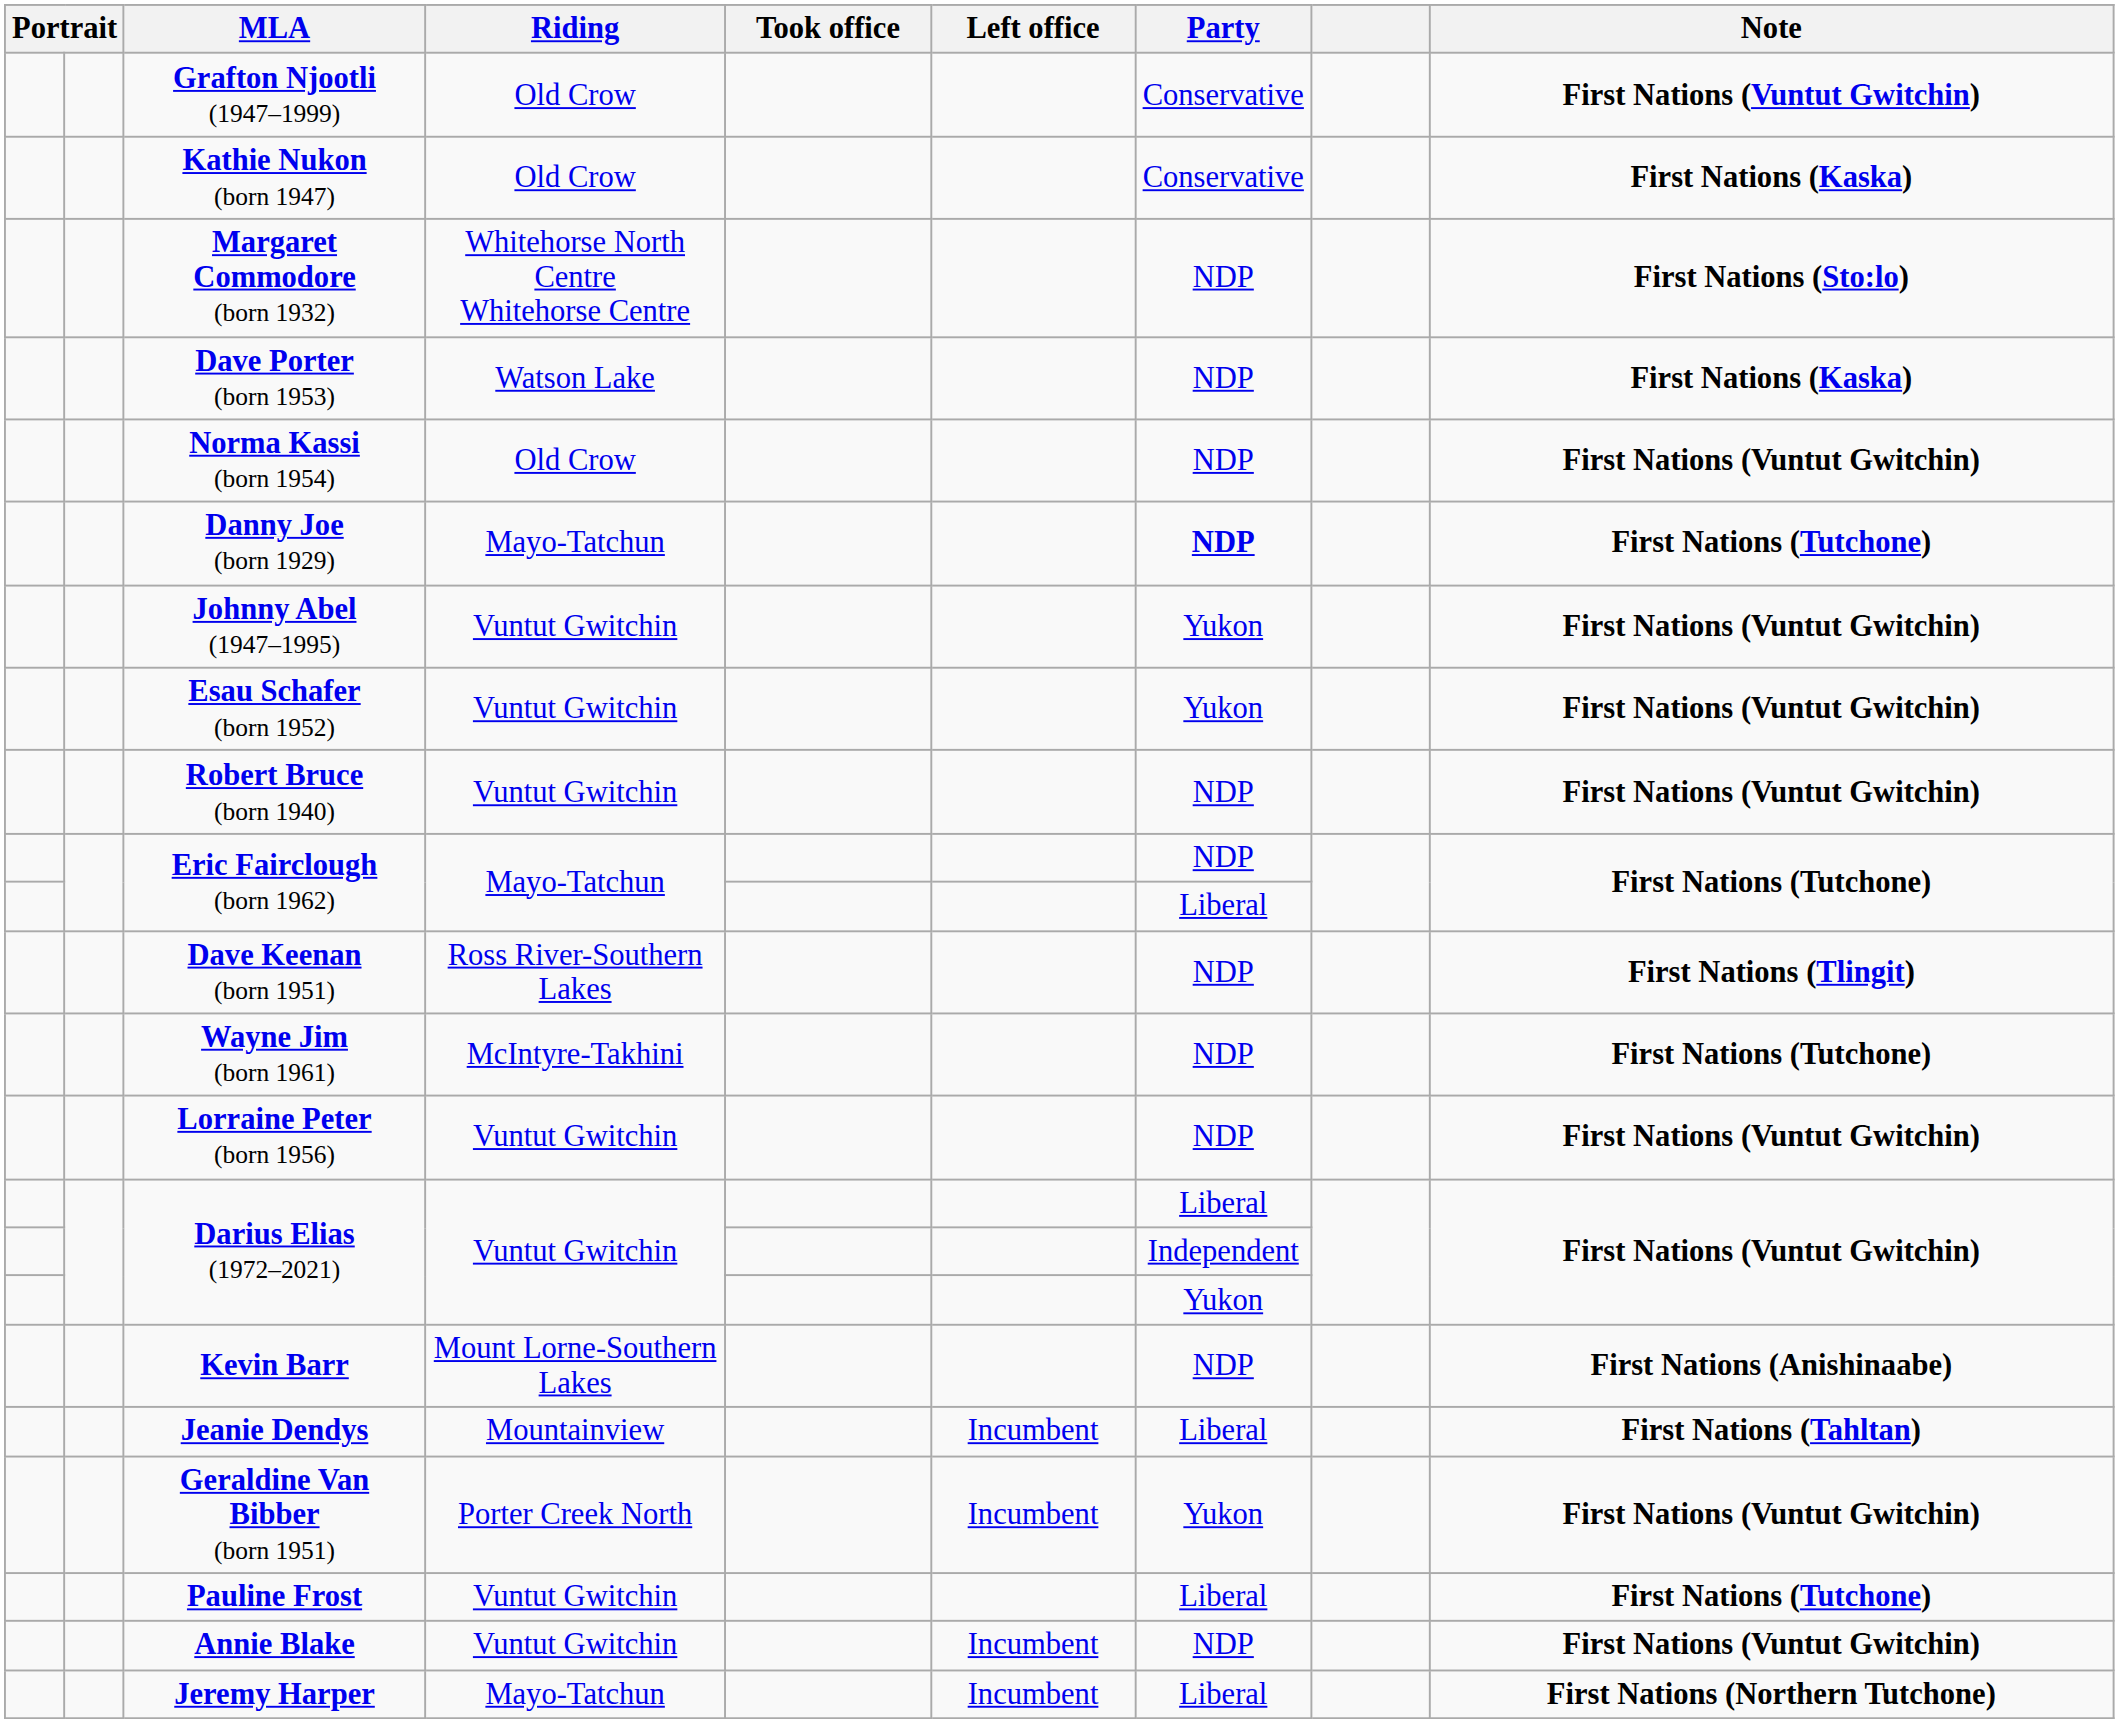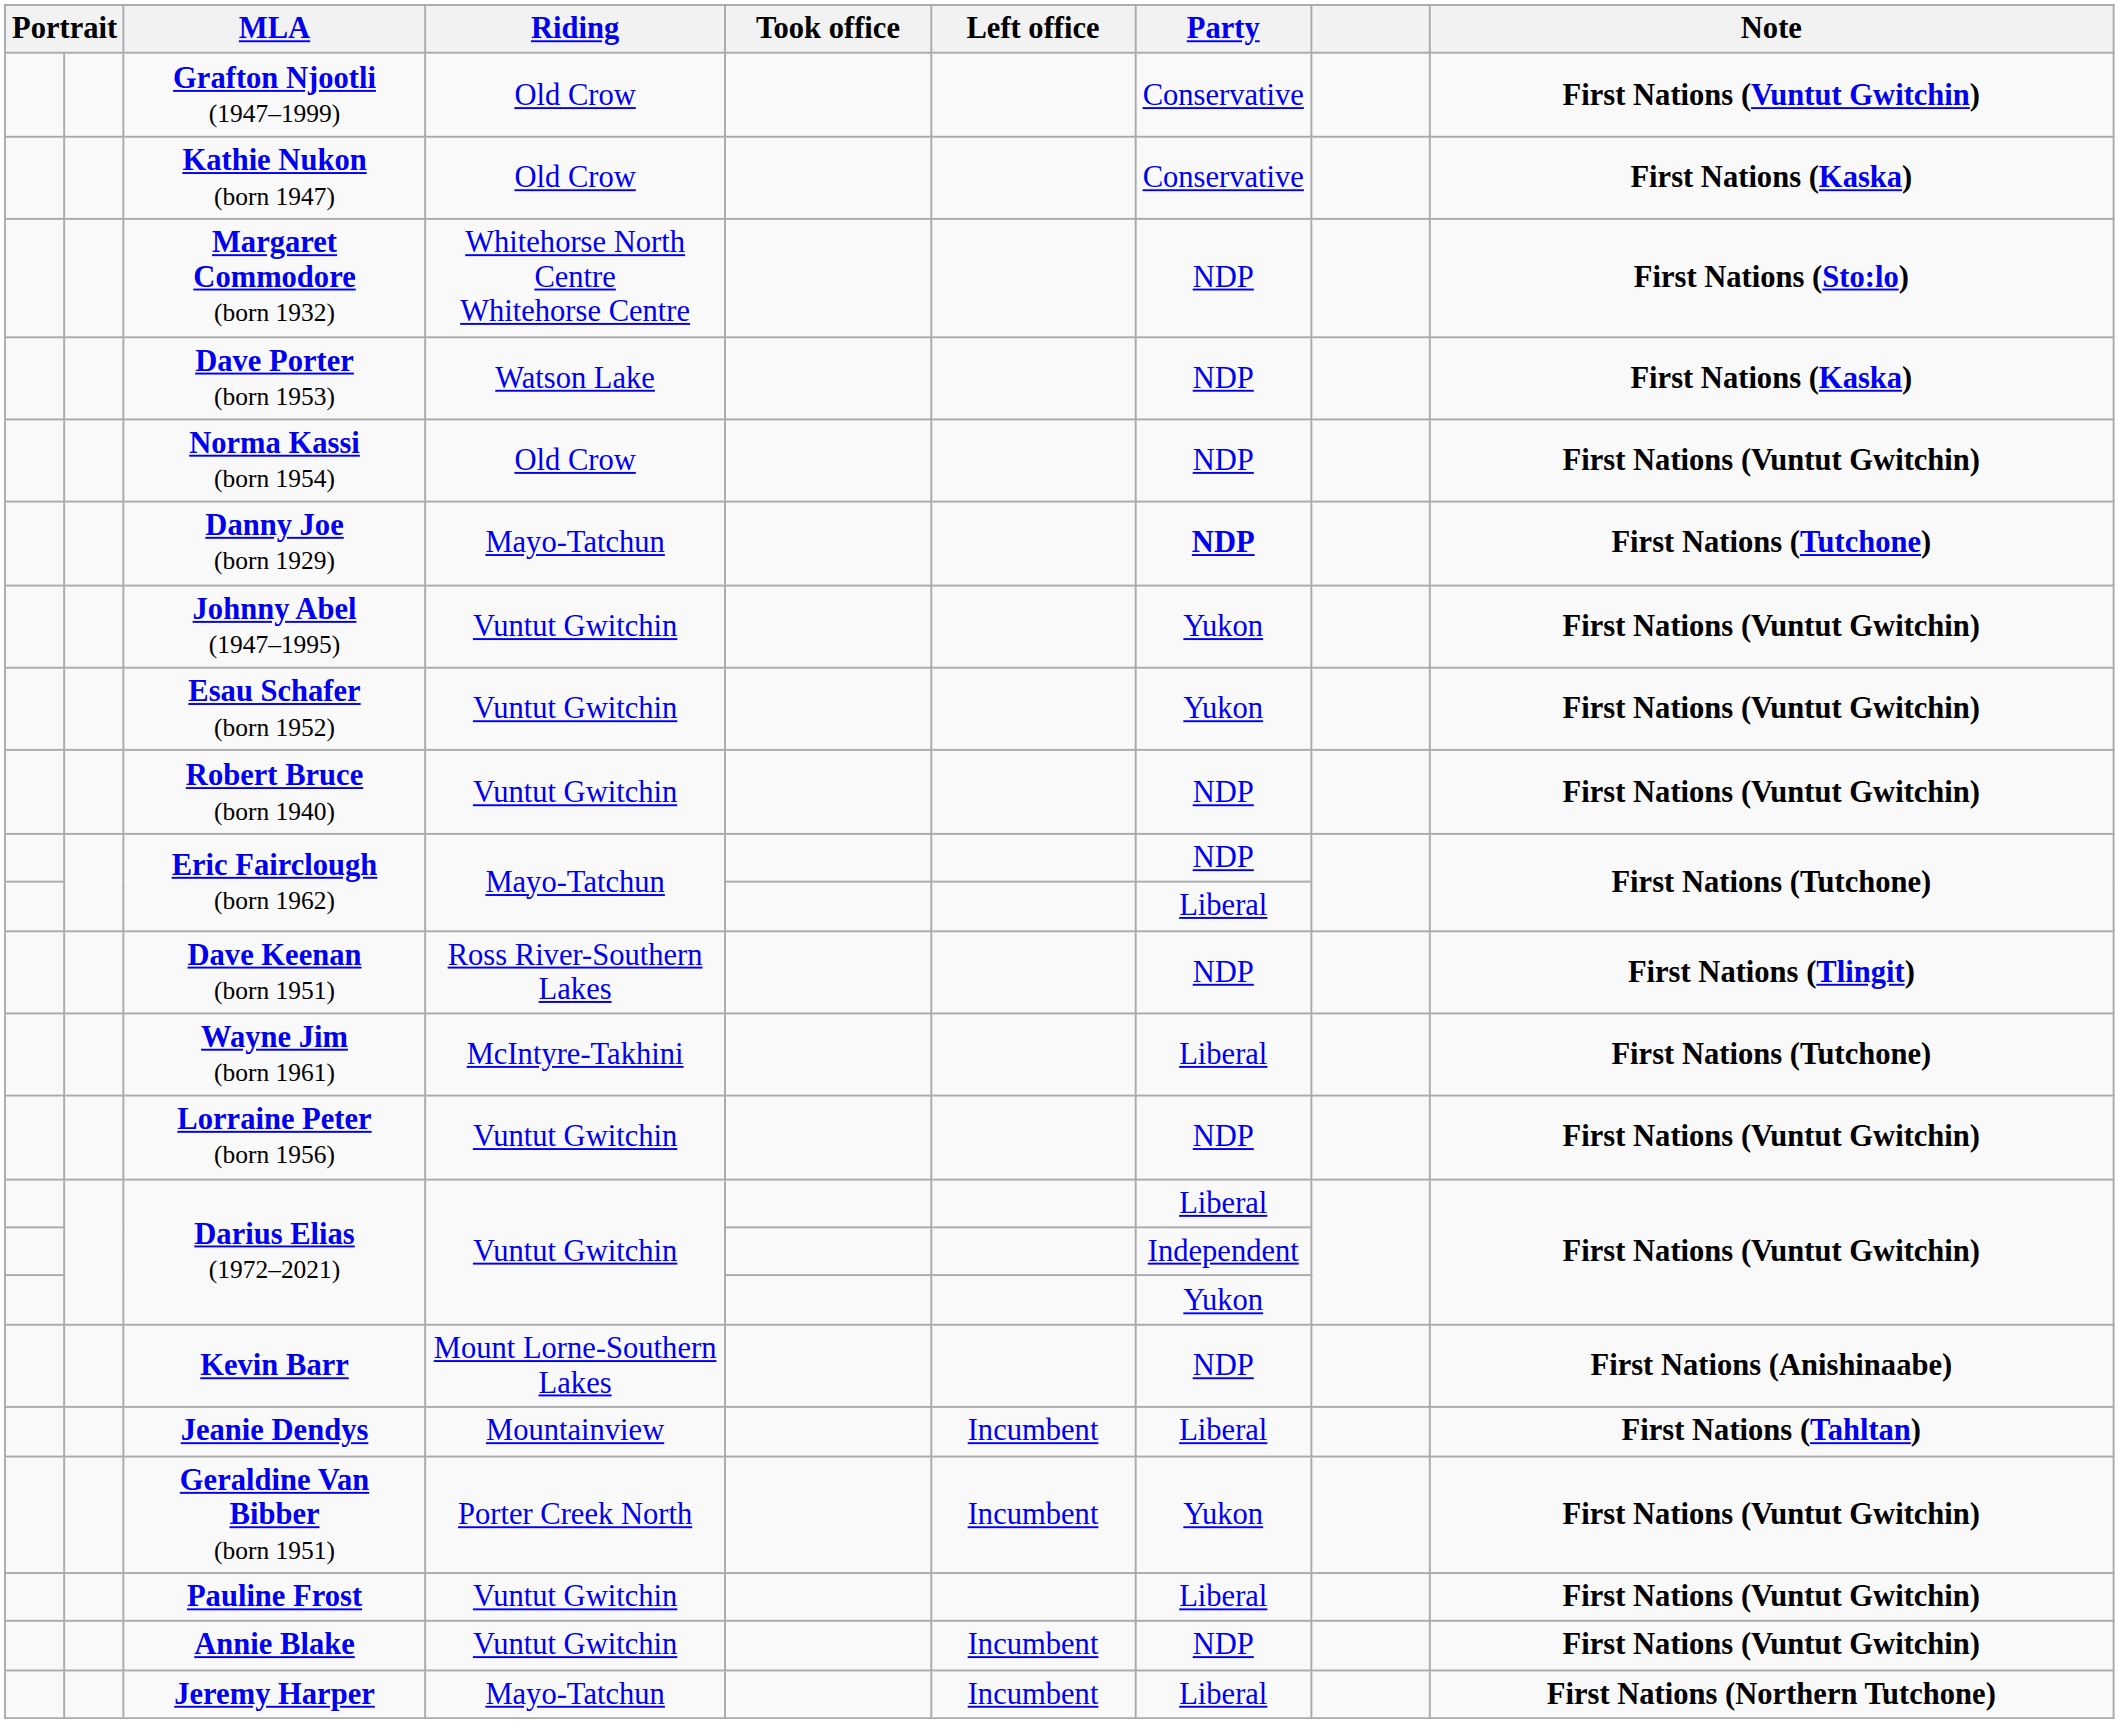 <table class="wikitable sortable plainrowheaders" style="text-align: center;">
 <tr>
 <th colspan="2" class=unsortable>Portrait</th>
 <th class="unsortable" style="width:150px;"><a href='#'>MLA</a></th>
 <th scope="col" style="width:150px;"><a href='#'>Riding</a></th>
 <th scope="col" style="width:100px;">Took office</th>
 <th scope="col" style="width:100px;">Left office</th>
 <th scope="col" style="width:70px;"><a href='#'>Party</a></th>
 <th scope="col" class="unsortable" style="width:55px;"></th>
 <th scope="col" class="unsortable" style="width:350px;">Note</th>
 </tr>
 <tr>
 <td rowspan="1" style="background:"></td>
 <td></td>
 <td><strong><a href='#'>Grafton Njootli</a></strong><br><small>(1947–1999)</small></td>
 <td><a href='#'>Old Crow</a></td>
 <td></td>
 <td></td>
 <td><a href='#'>Conservative</a></td>
 <td></td>
 <td><strong>First Nations (<a href='#'>Vuntut Gwitchin</a>)</strong></td>
 </tr>
 <tr>
 <td rowspan="1" style="background:"></td>
 <td></td>
 <td><strong><a href='#'>Kathie Nukon</a></strong><br><small>(born 1947)</small></td>
 <td><a href='#'>Old Crow</a></td>
 <td></td>
 <td></td>
 <td><a href='#'>Conservative</a></td>
 <td></td>
 <td><strong>First Nations (<a href='#'>Kaska</a>)</strong></td>
 </tr>
 <tr>
 <td rowspan="1" style="background:"></td>
 <td></td>
 <td><strong><a href='#'>Margaret Commodore</a></strong><br><small>(born 1932)</small></td>
 <td><a href='#'>Whitehorse North Centre</a><br><a href='#'>Whitehorse Centre</a></td>
 <td></td>
 <td></td>
 <td><a href='#'>NDP</a></td>
 <td></td>
 <td><strong>First Nations (<a href='#'>Sto:lo</a>)</strong></td>
 </tr>
 <tr>
 <td rowspan="1" style="background:"></td>
 <td></td>
 <td><strong><a href='#'>Dave Porter</a></strong><br><small>(born 1953)</small></td>
 <td><a href='#'>Watson Lake</a></td>
 <td></td>
 <td></td>
 <td><a href='#'>NDP</a></td>
 <td></td>
 <td><strong>First Nations (<a href='#'>Kaska</a>)</strong></td>
 </tr>
 <tr>
 <td rowspan="1" style="background:"></td>
 <td></td>
 <td><strong><a href='#'>Norma Kassi</a></strong><br><small>(born 1954)</small></td>
 <td><a href='#'>Old Crow</a></td>
 <td></td>
 <td></td>
 <td><a href='#'>NDP</a></td>
 <td></td>
 <td><strong>First Nations (Vuntut Gwitchin)</strong></td>
 </tr>
 <tr>
 <td rowspan="1" style="background:"></td>
 <td></td>
 <td><strong><a href='#'>Danny Joe</a></strong><br><small>(born 1929)</small></td>
 <td><a href='#'>Mayo-Tatchun</a></td>
 <td></td>
 <td></td>
 <td><strong><a href='#'>NDP</a></strong></td>
 <td></td>
 <td><strong>First Nations (<a href='#'>Tutchone</a>)</strong></td>
 </tr>
 <tr>
 <td rowspan="1" style="background:"></td>
 <td></td>
 <td><strong><a href='#'>Johnny Abel</a></strong><br><small>(1947–1995)</small></td>
 <td><a href='#'>Vuntut Gwitchin</a></td>
 <td></td>
 <td></td>
 <td><a href='#'>Yukon</a></td>
 <td></td>
 <td><strong>First Nations (Vuntut Gwitchin)</strong></td>
 </tr>
 <tr>
 <td rowspan="1" style="background:"></td>
 <td></td>
 <td><strong><a href='#'>Esau Schafer</a></strong><br><small>(born 1952)</small></td>
 <td><a href='#'>Vuntut Gwitchin</a></td>
 <td></td>
 <td></td>
 <td><a href='#'>Yukon</a></td>
 <td></td>
 <td><strong>First Nations (Vuntut Gwitchin)</strong></td>
 </tr>
 <tr>
 <td rowspan="1" style="background:"></td>
 <td></td>
 <td><strong><a href='#'>Robert Bruce</a></strong><br><small>(born 1940)</small></td>
 <td><a href='#'>Vuntut Gwitchin</a></td>
 <td></td>
 <td></td>
 <td><a href='#'>NDP</a></td>
 <td></td>
 <td><strong>First Nations (Vuntut Gwitchin)</strong></td>
 </tr>
 <tr>
 <td rowspan="1" style="background:"></td>
 <td rowspan="2"></td>
 <td rowspan="2"><strong><a href='#'>Eric Fairclough</a></strong><br><small>(born 1962)</small></td>
 <td rowspan="2"><a href='#'>Mayo-Tatchun</a></td>
 <td></td>
 <td></td>
 <td><a href='#'>NDP</a></td>
 <td rowspan="2"></td>
 <td rowspan="2"><strong>First Nations (Tutchone)</strong></td>
 </tr>
 <tr>
 <td rowspan="1" style="background:"></td>
 <td></td>
 <td></td>
 <td><a href='#'>Liberal</a></td>
 </tr>
 <tr>
 <td rowspan="1" style="background:"></td>
 <td></td>
 <td><strong><a href='#'>Dave Keenan</a></strong><br><small>(born 1951)</small></td>
 <td><a href='#'>Ross River-Southern Lakes</a></td>
 <td></td>
 <td></td>
 <td><a href='#'>NDP</a></td>
 <td></td>
 <td><strong>First Nations (<a href='#'>Tlingit</a>)</strong></td>
 </tr>
 <tr>
 <td rowspan="1" style="background:"></td>
 <td></td>
 <td><strong><a href='#'>Wayne Jim</a></strong><br><small>(born 1961)</small></td>
 <td><a href='#'>McIntyre-Takhini</a></td>
 <td></td>
 <td></td>
-<td><a href='#'>NDP</a></td>
+<td><a href='#'>Liberal</a></td>
 <td></td>
 <td><strong>First Nations (Tutchone)</strong></td>
 </tr>
 <tr>
 <td rowspan="1" style="background:"></td>
 <td></td>
 <td><strong><a href='#'>Lorraine Peter</a></strong><br><small>(born 1956)</small></td>
 <td><a href='#'>Vuntut Gwitchin</a></td>
 <td></td>
 <td></td>
 <td><a href='#'>NDP</a></td>
 <td></td>
 <td><strong>First Nations (Vuntut Gwitchin)</strong></td>
 </tr>
 <tr>
 <td rowspan="1" style="background:"></td>
 <td rowspan="3"></td>
 <td rowspan="3"><strong><a href='#'>Darius Elias</a></strong><br><small>(1972–2021)</small></td>
 <td rowspan="3"><a href='#'>Vuntut Gwitchin</a></td>
 <td></td>
 <td></td>
 <td><a href='#'>Liberal</a></td>
 <td rowspan="3"></td>
 <td rowspan="3"><strong>First Nations (Vuntut Gwitchin)</strong></td>
 </tr>
 <tr>
 <td rowspan="1" style="background:"></td>
 <td></td>
 <td></td>
 <td><a href='#'>Independent</a></td>
 </tr>
 <tr>
 <td rowspan="1" style="background:"></td>
 <td></td>
 <td></td>
 <td><a href='#'>Yukon</a></td>
 </tr>
 <tr>
 <td rowspan="1" style="background:"></td>
 <td></td>
 <td><strong><a href='#'>Kevin Barr</a></strong></td>
 <td><a href='#'>Mount Lorne-Southern Lakes</a></td>
 <td></td>
 <td></td>
 <td><a href='#'>NDP</a></td>
 <td></td>
 <td><strong>First Nations (Anishinaabe)</strong></td>
 </tr>
 <tr>
 <td rowspan="1" style="background:"></td>
 <td></td>
 <td><strong><a href='#'>Jeanie Dendys</a></strong></td>
 <td><a href='#'>Mountainview</a></td>
 <td></td>
 <td><a href='#'>Incumbent</a></td>
 <td><a href='#'>Liberal</a></td>
 <td></td>
 <td><strong>First Nations (<a href='#'>Tahltan</a>)</strong></td>
 </tr>
 <tr>
 <td rowspan="1" style="background:"></td>
 <td></td>
 <td><strong><a href='#'>Geraldine Van Bibber</a></strong><br><small>(born 1951)</small></td>
 <td><a href='#'>Porter Creek North</a></td>
 <td></td>
 <td><a href='#'>Incumbent</a></td>
 <td><a href='#'>Yukon</a></td>
 <td></td>
 <td><strong>First Nations (Vuntut Gwitchin)</strong></td>
 </tr>
 <tr>
 <td rowspan="1" style="background:"></td>
 <td></td>
 <td><strong><a href='#'>Pauline Frost</a></strong></td>
 <td><a href='#'>Vuntut Gwitchin</a></td>
 <td></td>
 <td></td>
 <td><a href='#'>Liberal</a></td>
 <td></td>
-<td><strong>First Nations (<a href='#'>Tutchone</a>)</strong></td>
+<td><strong>First Nations (Vuntut Gwitchin)</strong></td>
 </tr>
 <tr>
 <td rowspan="1" style="background:"></td>
 <td></td>
 <td><strong><a href='#'>Annie Blake</a></strong></td>
 <td><a href='#'>Vuntut Gwitchin</a></td>
 <td></td>
 <td><a href='#'>Incumbent</a></td>
 <td><a href='#'>NDP</a></td>
 <td></td>
 <td><strong>First Nations (Vuntut Gwitchin)</strong></td>
 </tr>
 <tr>
 <td rowspan="1" style="background:"></td>
 <td></td>
 <td><strong><a href='#'>Jeremy Harper</a></strong></td>
 <td><a href='#'>Mayo-Tatchun</a></td>
 <td></td>
 <td><a href='#'>Incumbent</a></td>
 <td><a href='#'>Liberal</a></td>
 <td></td>
 <td><strong>First Nations (Northern Tutchone)</strong></td>
 </tr>
 </table>
